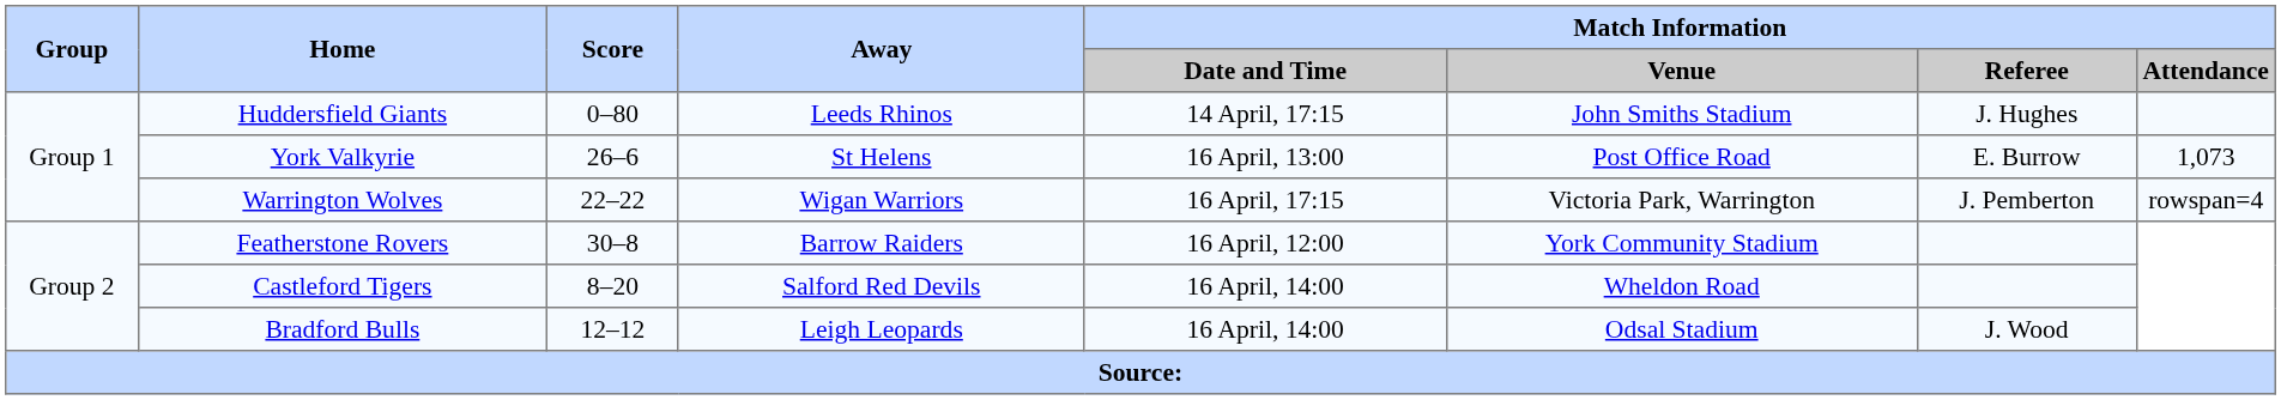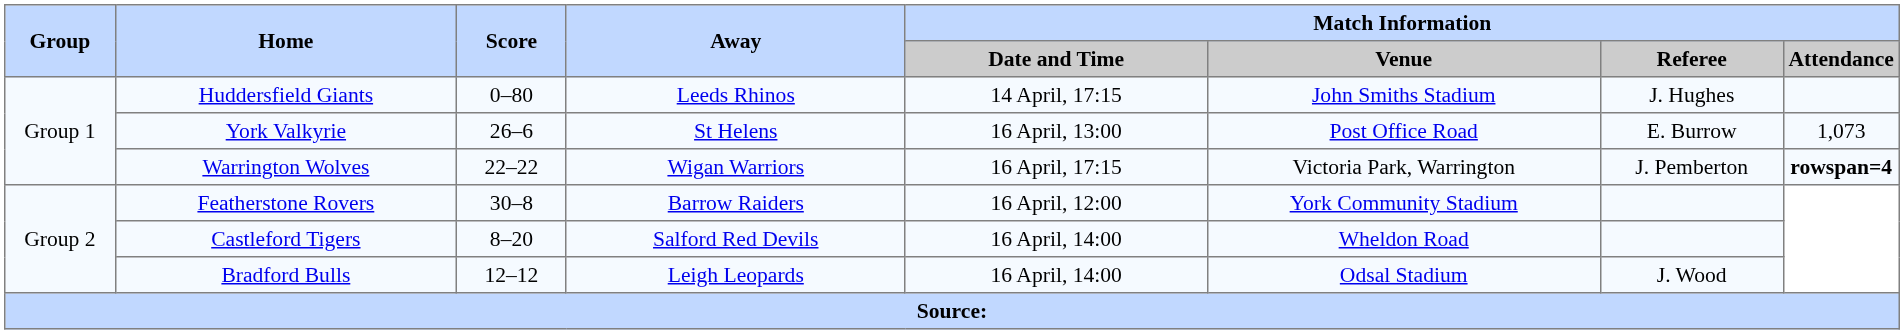 <table border=1 style="border-collapse:collapse; font-size:90%; text-align:center;" cellpadding=3 cellspacing=0 width=100%>
 <tr bgcolor=#C1D8FF>
 <th scope="col" rowspan=2 width=6%>Group</th>
 <th scope="col" rowspan=2 width=19%>Home</th>
 <th scope="col" rowspan=2 width=6%>Score</th>
 <th scope="col" rowspan=2 width=19%>Away</th>
 <th colspan=4>Match Information</th>
 </tr>
 <tr bgcolor=#CCCCCC>
 <th scope="col" width=17%>Date and Time</th>
 <th scope="col" width=22%>Venue</th>
 <th scope="col" width=10%>Referee</th>
 <th scope="col" width=7%>Attendance</th>
 </tr>
 <tr bgcolor=#F5FAFF>
 <td rowspan=3>Group 1</td>
 <td> <a href='#'>Huddersfield Giants</a></td>
 <td>0–80</td>
 <td> <a href='#'>Leeds Rhinos</a></td>
 <td>14 April, 17:15</td>
 <td><a href='#'>John Smiths Stadium</a></td>
 <td>J. Hughes</td>
 <td></td>
 </tr>
 <tr bgcolor=#F5FAFF>
 <td> <a href='#'>York Valkyrie</a></td>
 <td>26–6</td>
 <td> <a href='#'>St Helens</a></td>
 <td>16 April, 13:00</td>
 <td><a href='#'>Post Office Road</a></td>
 <td>E. Burrow</td>
 <td>1,073</td>
 </tr>
 <tr bgcolor=#F5FAFF>
 <td> <a href='#'>Warrington Wolves</a></td>
 <td>22–22</td>
 <td> <a href='#'>Wigan Warriors</a></td>
 <td>16 April, 17:15</td>
 <td>Victoria Park, Warrington</td>
 <td>J. Pemberton</td>
-<td>rowspan=4 </td>
+<td><strong>rowspan=4 </strong></td>
 </tr>
 <tr bgcolor=#F5FAFF>
 <td rowspan=3>Group 2</td>
 <td> <a href='#'>Featherstone Rovers</a></td>
 <td>30–8</td>
 <td> <a href='#'>Barrow Raiders</a></td>
 <td>16 April, 12:00</td>
 <td><a href='#'>York Community Stadium</a></td>
 <td></td>
 </tr>
 <tr bgcolor=#F5FAFF>
 <td> <a href='#'>Castleford Tigers</a></td>
 <td>8–20</td>
 <td> <a href='#'>Salford Red Devils</a></td>
 <td>16 April, 14:00</td>
 <td><a href='#'>Wheldon Road</a></td>
 <td></td>
 </tr>
 <tr bgcolor=#F5FAFF>
 <td> <a href='#'>Bradford Bulls</a></td>
 <td>12–12</td>
 <td> <a href='#'>Leigh Leopards</a></td>
 <td>16 April, 14:00</td>
 <td><a href='#'>Odsal Stadium</a></td>
 <td>J. Wood</td>
 </tr>
 <tr style="background:#c1d8ff;">
 <th colspan=8>Source:</th>
 </tr>
 </table>
